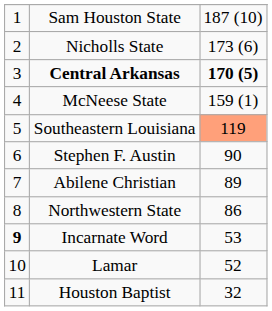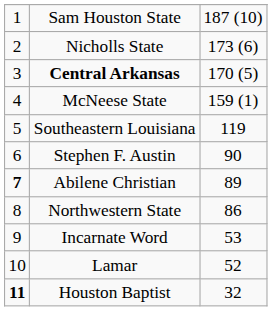 <table class="wikitable">
 <tr align="center">
 </tr>
 <tr align="center">
 <td>1</td>
 <td>Sam Houston State</td>
 <td>187 (10)</td>
 </tr>
 <tr align="center">
 <td>2</td>
 <td>Nicholls State</td>
 <td>173 (6)</td>
 </tr>
 <tr align="center">
 <td>3</td>
 <td><strong>Central Arkansas</strong></td>
-<td><strong>170 (5)</strong></td>
+<td>170 (5)</td>
 </tr>
 <tr align="center">
 <td>4</td>
 <td>McNeese State</td>
 <td>159 (1)</td>
 </tr>
 <tr align="center">
 <td>5</td>
 <td>Southeastern Louisiana</td>
-<td style="background: lightsalmon;">119</td>
+<td>119</td>
 </tr>
 <tr align="center">
 <td>6</td>
 <td>Stephen F. Austin</td>
 <td>90</td>
 </tr>
 <tr align="center">
-<td>7</td>
+<td><strong>7</strong></td>
 <td>Abilene Christian</td>
 <td>89</td>
 </tr>
 <tr align="center">
 <td>8</td>
 <td>Northwestern State</td>
 <td>86</td>
 </tr>
 <tr align="center">
-<td><strong>9</strong></td>
+<td>9</td>
 <td>Incarnate Word</td>
 <td>53</td>
 </tr>
 <tr align="center">
 <td>10</td>
 <td>Lamar</td>
 <td>52</td>
 </tr>
 <tr align="center">
-<td>11</td>
+<td><strong>11</strong></td>
 <td>Houston Baptist</td>
 <td>32</td>
 </tr>
 </table>
